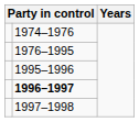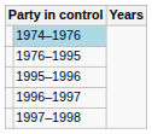 <table class="wikitable">
 <tr>
 <th colspan="2">Party in control</th>
 <th>Years</th>
 </tr>
 <tr>
 <td></td>
-<td>1974–1976</td>
+<td style="background: lightblue;">1974–1976</td>
 </tr>
 <tr>
 <td></td>
 <td>1976–1995</td>
 </tr>
 <tr>
 <td></td>
 <td>1995–1996</td>
 </tr>
 <tr>
 <td></td>
-<td><strong>1996–1997</strong></td>
+<td>1996–1997</td>
 </tr>
 <tr>
 <td></td>
 <td>1997–1998</td>
 </tr>
 </table>
